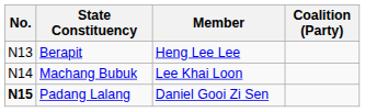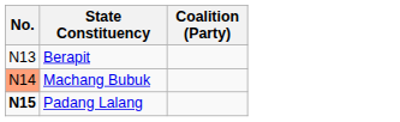 <table class="wikitable">
 <tr>
 <th width="30">No.</th>
 <th width="130">State Constituency</th>
-<th width="150">Member</th>
 <th width="80">Coalition (Party)</th>
 </tr>
 <tr>
 <td>N13</td>
 <td><a href='#'>Berapit</a></td>
-<td><a href='#'>Heng Lee Lee</a></td>
 <td></td>
 </tr>
 <tr>
-<td>N14</td>
+<td style="background: lightsalmon;">N14</td>
 <td><a href='#'>Machang Bubuk</a></td>
-<td><a href='#'>Lee Khai Loon</a></td>
 <td></td>
 </tr>
 <tr>
 <td><strong>N15</strong></td>
 <td><a href='#'>Padang Lalang</a></td>
-<td><a href='#'>Daniel Gooi Zi Sen</a></td>
 <td></td>
 </tr>
 </table>
